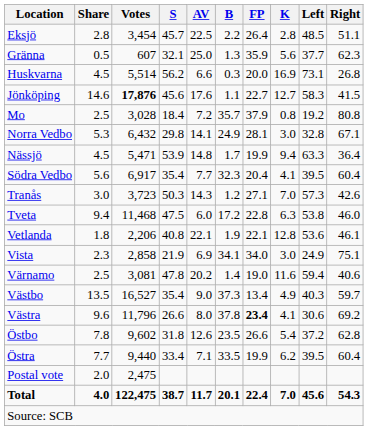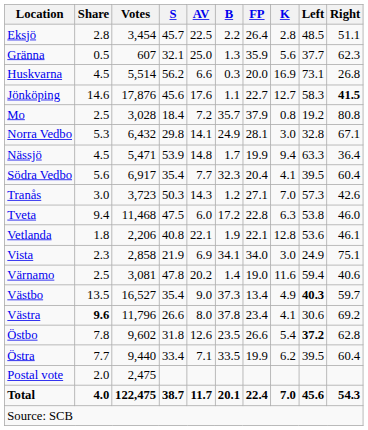 <table class="wikitable sortable" style=text-align:right>
 <tr>
 <th>Location</th>
 <th>Share</th>
 <th>Votes</th>
 <th><a href='#'>S</a></th>
 <th><a href='#'>AV</a></th>
 <th><a href='#'>B</a></th>
 <th><a href='#'>FP</a></th>
 <th><a href='#'>K</a></th>
 <th>Left</th>
 <th>Right</th>
 </tr>
 <tr>
 <td align=left><a href='#'>Eksjö</a></td>
 <td>2.8</td>
 <td>3,454</td>
 <td>45.7</td>
 <td>22.5</td>
 <td>2.2</td>
 <td>26.4</td>
 <td>2.8</td>
 <td>48.5</td>
 <td>51.1</td>
 </tr>
 <tr>
 <td align=left><a href='#'>Gränna</a></td>
 <td>0.5</td>
 <td>607</td>
 <td>32.1</td>
 <td>25.0</td>
 <td>1.3</td>
 <td>35.9</td>
 <td>5.6</td>
 <td>37.7</td>
 <td>62.3</td>
 </tr>
 <tr>
 <td align=left><a href='#'>Huskvarna</a></td>
 <td>4.5</td>
 <td>5,514</td>
 <td>56.2</td>
 <td>6.6</td>
 <td>0.3</td>
 <td>20.0</td>
 <td>16.9</td>
 <td>73.1</td>
 <td>26.8</td>
 </tr>
 <tr>
 <td align=left><a href='#'>Jönköping</a></td>
 <td>14.6</td>
-<td><strong>17,876</strong></td>
+<td>17,876</td>
 <td>45.6</td>
 <td>17.6</td>
 <td>1.1</td>
 <td>22.7</td>
 <td>12.7</td>
 <td>58.3</td>
-<td>41.5</td>
+<td><strong>41.5</strong></td>
 </tr>
 <tr>
 <td align=left><a href='#'>Mo</a></td>
 <td>2.5</td>
 <td>3,028</td>
 <td>18.4</td>
 <td>7.2</td>
 <td>35.7</td>
 <td>37.9</td>
 <td>0.8</td>
 <td>19.2</td>
 <td>80.8</td>
 </tr>
 <tr>
 <td align=left><a href='#'>Norra Vedbo</a></td>
 <td>5.3</td>
 <td>6,432</td>
 <td>29.8</td>
 <td>14.1</td>
 <td>24.9</td>
 <td>28.1</td>
 <td>3.0</td>
 <td>32.8</td>
 <td>67.1</td>
 </tr>
 <tr>
 <td align=left><a href='#'>Nässjö</a></td>
 <td>4.5</td>
 <td>5,471</td>
 <td>53.9</td>
 <td>14.8</td>
 <td>1.7</td>
 <td>19.9</td>
 <td>9.4</td>
 <td>63.3</td>
 <td>36.4</td>
 </tr>
 <tr>
 <td align=left><a href='#'>Södra Vedbo</a></td>
 <td>5.6</td>
 <td>6,917</td>
 <td>35.4</td>
 <td>7.7</td>
 <td>32.3</td>
 <td>20.4</td>
 <td>4.1</td>
 <td>39.5</td>
 <td>60.4</td>
 </tr>
 <tr>
 <td align=left><a href='#'>Tranås</a></td>
 <td>3.0</td>
 <td>3,723</td>
 <td>50.3</td>
 <td>14.3</td>
 <td>1.2</td>
 <td>27.1</td>
 <td>7.0</td>
 <td>57.3</td>
 <td>42.6</td>
 </tr>
 <tr>
 <td align=left><a href='#'>Tveta</a></td>
 <td>9.4</td>
 <td>11,468</td>
 <td>47.5</td>
 <td>6.0</td>
 <td>17.2</td>
 <td>22.8</td>
 <td>6.3</td>
 <td>53.8</td>
 <td>46.0</td>
 </tr>
 <tr>
 <td align=left><a href='#'>Vetlanda</a></td>
 <td>1.8</td>
 <td>2,206</td>
 <td>40.8</td>
 <td>22.1</td>
 <td>1.9</td>
 <td>22.1</td>
 <td>12.8</td>
 <td>53.6</td>
 <td>46.1</td>
 </tr>
 <tr>
 <td align=left><a href='#'>Vista</a></td>
 <td>2.3</td>
 <td>2,858</td>
 <td>21.9</td>
 <td>6.9</td>
 <td>34.1</td>
 <td>34.0</td>
 <td>3.0</td>
 <td>24.9</td>
 <td>75.1</td>
 </tr>
 <tr>
 <td align=left><a href='#'>Värnamo</a></td>
 <td>2.5</td>
 <td>3,081</td>
 <td>47.8</td>
 <td>20.2</td>
 <td>1.4</td>
 <td>19.0</td>
 <td>11.6</td>
 <td>59.4</td>
 <td>40.6</td>
 </tr>
 <tr>
 <td align=left><a href='#'>Västbo</a></td>
 <td>13.5</td>
 <td>16,527</td>
 <td>35.4</td>
 <td>9.0</td>
 <td>37.3</td>
 <td>13.4</td>
 <td>4.9</td>
-<td>40.3</td>
+<td><strong>40.3</strong></td>
 <td>59.7</td>
 </tr>
 <tr>
 <td align=left><a href='#'>Västra</a></td>
-<td>9.6</td>
+<td><strong>9.6</strong></td>
 <td>11,796</td>
 <td>26.6</td>
 <td>8.0</td>
 <td>37.8</td>
-<td><strong>23.4</strong></td>
+<td>23.4</td>
 <td>4.1</td>
 <td>30.6</td>
 <td>69.2</td>
 </tr>
 <tr>
 <td align=left><a href='#'>Östbo</a></td>
 <td>7.8</td>
 <td>9,602</td>
 <td>31.8</td>
 <td>12.6</td>
 <td>23.5</td>
 <td>26.6</td>
 <td>5.4</td>
-<td>37.2</td>
+<td><strong>37.2</strong></td>
 <td>62.8</td>
 </tr>
 <tr>
 <td align=left><a href='#'>Östra</a></td>
 <td>7.7</td>
 <td>9,440</td>
 <td>33.4</td>
 <td>7.1</td>
 <td>33.5</td>
 <td>19.9</td>
 <td>6.2</td>
 <td>39.5</td>
 <td>60.4</td>
 </tr>
 <tr>
 <td align=left><a href='#'>Postal vote</a></td>
 <td>2.0</td>
 <td>2,475</td>
 <td></td>
 <td></td>
 <td></td>
 <td></td>
 <td></td>
 <td></td>
 <td></td>
 </tr>
 <tr>
 <td align=left><strong>Total</strong></td>
 <td><strong>4.0</strong></td>
 <td><strong>122,475</strong></td>
 <td><strong>38.7</strong></td>
 <td><strong>11.7</strong></td>
 <td><strong>20.1</strong></td>
 <td><strong>22.4</strong></td>
 <td><strong>7.0</strong></td>
 <td><strong>45.6</strong></td>
 <td><strong>54.3</strong></td>
 </tr>
 <tr>
 <td align=left colspan=10>Source: SCB </td>
 </tr>
 </table>
